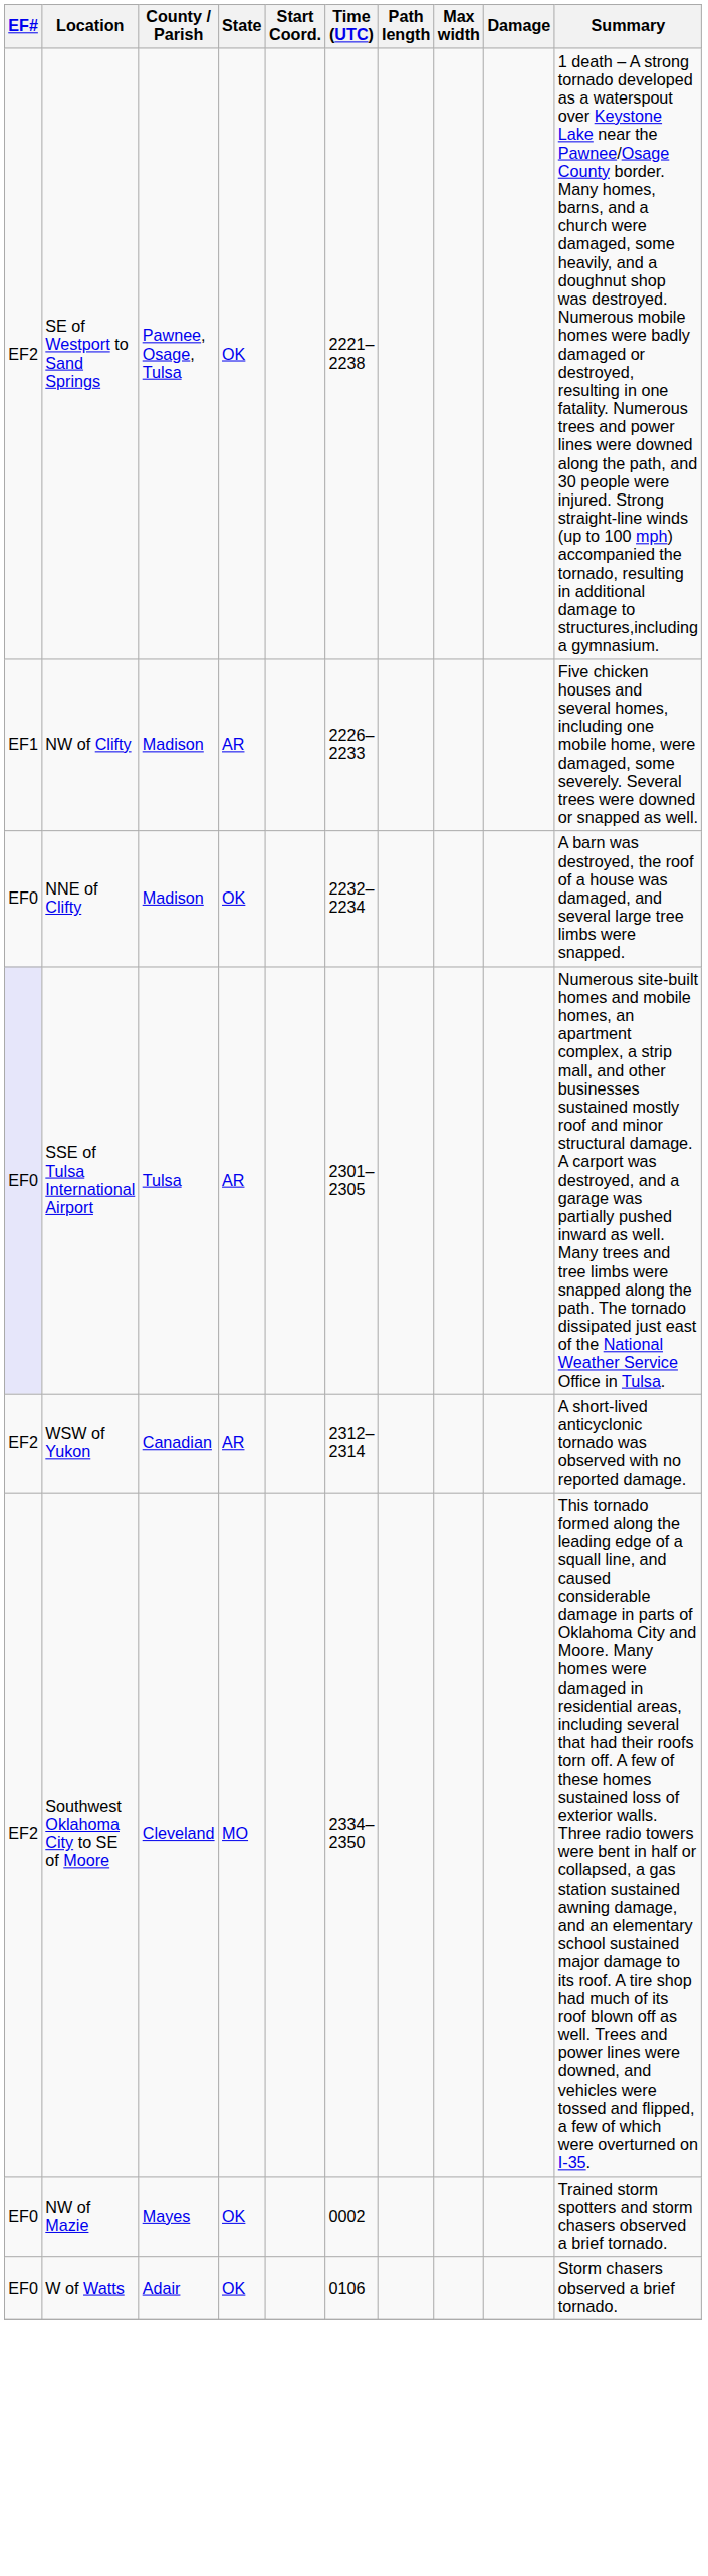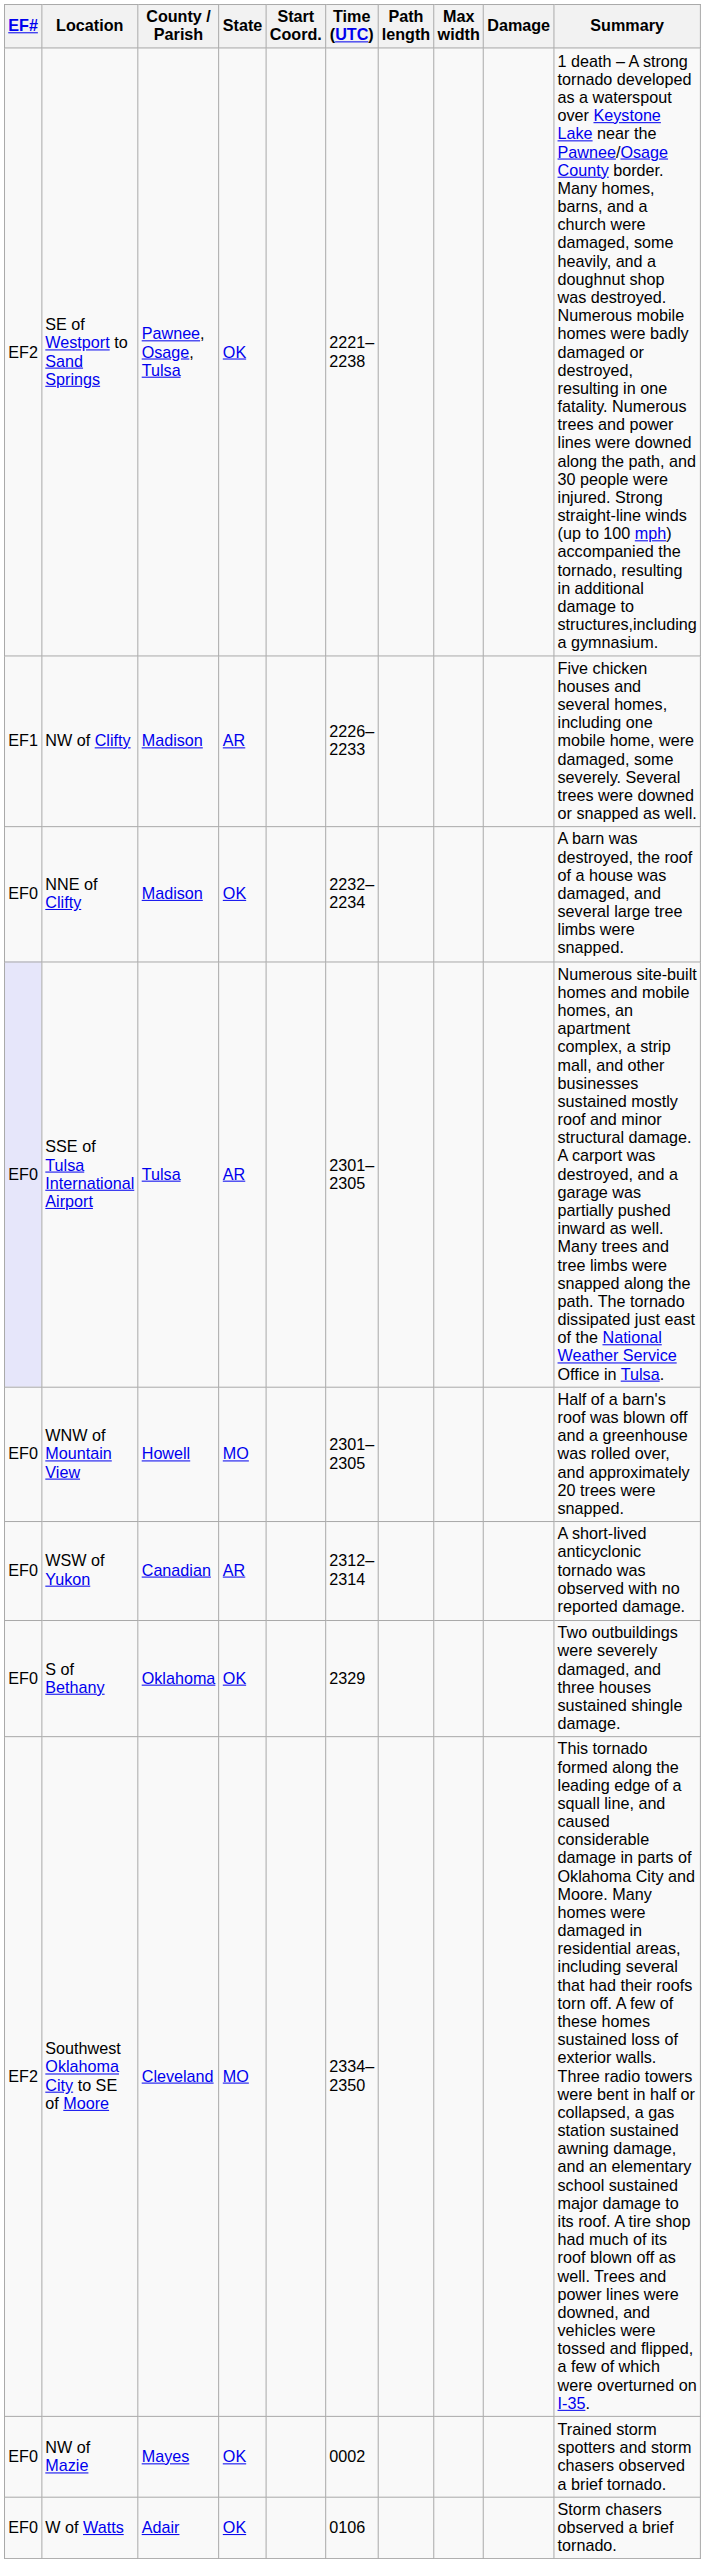 <table class="wikitable sortable" style="width:100%;">
 <tr>
 <th scope="col" width="3%" align="center"><a href='#'>EF#</a></th>
 <th scope="col" width="7%" align="center" class="unsortable">Location</th>
 <th scope="col" width="6%" align="center" class="unsortable">County / Parish</th>
 <th scope="col" width="5%" align="center">State</th>
 <th scope="col" width="6%" align="center">Start Coord.</th>
 <th scope="col" width="6%" align="center">Time (<a href='#'>UTC</a>)</th>
 <th scope="col" width="6%" align="center">Path length</th>
 <th scope="col" width="6%" align="center">Max width</th>
 <th scope="col" width="6%" align="center">Damage</th>
 <th scope="col" width="48%" class="unsortable" align="center">Summary</th>
 </tr>
 <tr>
 <td>EF2</td>
 <td>SE of <a href='#'>Westport</a> to <a href='#'>Sand Springs</a></td>
 <td><a href='#'>Pawnee</a>, <a href='#'>Osage</a>, <a href='#'>Tulsa</a></td>
 <td><a href='#'>OK</a></td>
 <td></td>
 <td>2221–2238</td>
 <td></td>
 <td></td>
 <td></td>
 <td>1 death – A strong tornado developed as a waterspout over <a href='#'>Keystone Lake</a> near the <a href='#'>Pawnee</a>/<a href='#'>Osage County</a> border. Many homes, barns, and a church were damaged, some heavily, and a doughnut shop was destroyed. Numerous mobile homes were badly damaged or destroyed, resulting in one fatality. Numerous trees and power lines were downed along the path, and 30 people were injured. Strong straight-line winds (up to 100 <a href='#'>mph</a>) accompanied the tornado, resulting in additional damage to structures,including a gymnasium.</td>
 </tr>
 <tr>
 <td>EF1</td>
 <td>NW of <a href='#'>Clifty</a></td>
 <td><a href='#'>Madison</a></td>
 <td><a href='#'>AR</a></td>
 <td></td>
 <td>2226–2233</td>
 <td></td>
 <td></td>
 <td></td>
 <td>Five chicken houses and several homes, including one mobile home, were damaged, some severely. Several trees were downed or snapped as well.</td>
 </tr>
 <tr>
 <td>EF0</td>
 <td>NNE of <a href='#'>Clifty</a></td>
 <td><a href='#'>Madison</a></td>
 <td><a href='#'>OK</a></td>
 <td></td>
 <td>2232–2234</td>
 <td></td>
 <td></td>
 <td></td>
 <td>A barn was destroyed, the roof of a house was damaged, and several large tree limbs were snapped.</td>
 </tr>
 <tr>
 <td style="background: lavender;">EF0</td>
 <td>SSE of <a href='#'>Tulsa International Airport</a></td>
 <td><a href='#'>Tulsa</a></td>
 <td><a href='#'>AR</a></td>
 <td></td>
 <td>2301–2305</td>
 <td></td>
 <td></td>
 <td></td>
 <td>Numerous site-built homes and mobile homes, an apartment complex, a strip mall, and other businesses sustained mostly roof and minor structural damage. A carport was destroyed, and a garage was partially pushed inward as well. Many trees and tree limbs were snapped along the path. The tornado dissipated just  east of the <a href='#'>National Weather Service</a> Office in <a href='#'>Tulsa</a>.</td>
 </tr>
 <tr>
-<td>EF2</td>
+<td>EF0</td>
+<td>WNW of <a href='#'>Mountain View</a></td>
+<td><a href='#'>Howell</a></td>
+<td><a href='#'>MO</a></td>
+<td></td>
+<td>2301–2305</td>
+<td></td>
+<td></td>
+<td></td>
+<td>Half of a barn's roof was blown off and a greenhouse was rolled over, and approximately 20 trees were snapped.</td>
+</tr>
+<tr>
+<td>EF0</td>
 <td>WSW of <a href='#'>Yukon</a></td>
 <td><a href='#'>Canadian</a></td>
 <td><a href='#'>AR</a></td>
 <td></td>
 <td>2312–2314</td>
 <td></td>
 <td></td>
 <td></td>
 <td>A short-lived anticyclonic tornado was observed with no reported damage.</td>
+</tr>
+<tr>
+<td>EF0</td>
+<td>S of <a href='#'>Bethany</a></td>
+<td><a href='#'>Oklahoma</a></td>
+<td><a href='#'>OK</a></td>
+<td></td>
+<td>2329</td>
+<td></td>
+<td></td>
+<td></td>
+<td>Two outbuildings were severely damaged, and three houses sustained shingle damage.</td>
 </tr>
 <tr>
 <td>EF2</td>
 <td>Southwest <a href='#'>Oklahoma City</a> to SE of <a href='#'>Moore</a></td>
 <td><a href='#'>Cleveland</a></td>
 <td><a href='#'>MO</a></td>
 <td></td>
 <td>2334–2350</td>
 <td></td>
 <td></td>
 <td></td>
 <td>This tornado formed along the leading edge of a squall line, and caused considerable damage in parts of Oklahoma City and Moore. Many homes were damaged in residential areas, including several that had their roofs torn off. A few of these homes sustained loss of exterior walls. Three radio towers were bent in half or collapsed, a gas station sustained awning damage, and an elementary school sustained major damage to its roof. A tire shop had much of its roof blown off as well. Trees and power lines were downed, and vehicles were tossed and flipped, a few of which were overturned on <a href='#'>I-35</a>.</td>
 </tr>
 <tr>
 <td>EF0</td>
 <td>NW of <a href='#'>Mazie</a></td>
 <td><a href='#'>Mayes</a></td>
 <td><a href='#'>OK</a></td>
 <td></td>
 <td>0002</td>
 <td></td>
 <td></td>
 <td></td>
 <td>Trained storm spotters and storm chasers observed a brief tornado.</td>
 </tr>
 <tr>
 <td>EF0</td>
 <td>W of <a href='#'>Watts</a></td>
 <td><a href='#'>Adair</a></td>
 <td><a href='#'>OK</a></td>
 <td></td>
 <td>0106</td>
 <td></td>
 <td></td>
 <td></td>
 <td>Storm chasers observed a brief tornado.</td>
 </tr>
 <tr>
 </tr>
 </table>
